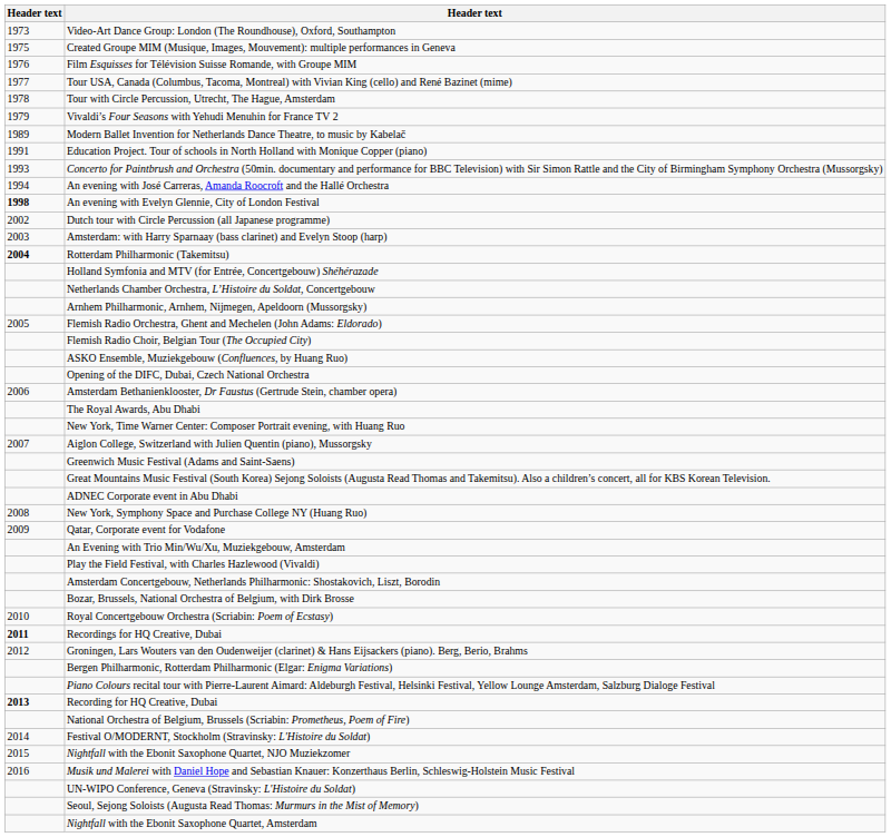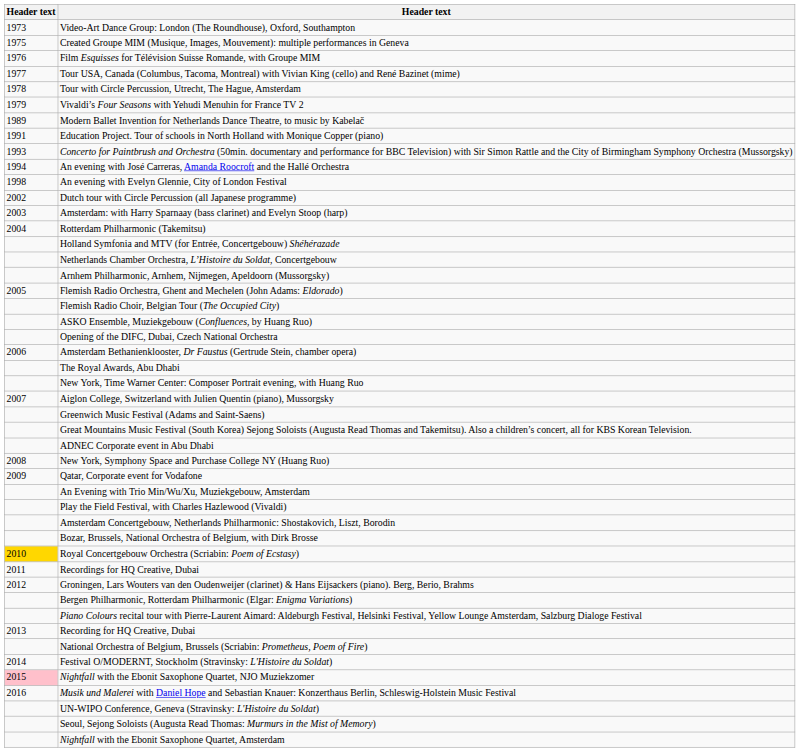 <table class="wikitable">
 <tr>
 <th>Header text</th>
 <th>Header text</th>
 </tr>
 <tr>
 <td>1973</td>
 <td>Video-Art Dance Group: London (The Roundhouse), Oxford, Southampton</td>
 </tr>
 <tr>
 <td>1975</td>
 <td>Created Groupe MIM (Musique, Images, Mouvement): multiple performances in Geneva</td>
 </tr>
 <tr>
 <td>1976</td>
 <td>Film <em>Esquisses</em> for Télévision Suisse Romande, with Groupe MIM</td>
 </tr>
 <tr>
 <td>1977</td>
 <td>Tour USA, Canada (Columbus, Tacoma, Montreal) with Vivian King (cello) and René Bazinet (mime)</td>
 </tr>
 <tr>
 <td>1978</td>
 <td>Tour with Circle Percussion, Utrecht, The Hague, Amsterdam</td>
 </tr>
 <tr>
 <td>1979</td>
 <td>Vivaldi’s <em>Four Seasons</em> with Yehudi Menuhin for France TV 2</td>
 </tr>
 <tr>
 <td>1989</td>
 <td>Modern Ballet Invention for Netherlands Dance Theatre, to music by Kabelač</td>
 </tr>
 <tr>
 <td>1991</td>
 <td>Education Project. Tour of schools in North Holland with Monique Copper (piano)</td>
 </tr>
 <tr>
 <td>1993</td>
 <td><em>Concerto for Paintbrush and Orchestra</em> (50min. documentary and performance for BBC Television) with Sir Simon Rattle and the City of Birmingham Symphony Orchestra (Mussorgsky)</td>
 </tr>
 <tr>
 <td>1994</td>
 <td>An evening with José Carreras, <a href='#'>Amanda Roocroft</a> and the Hallé Orchestra</td>
 </tr>
 <tr>
-<td><strong>1998</strong></td>
+<td>1998</td>
 <td>An evening with Evelyn Glennie, City of London Festival</td>
 </tr>
 <tr>
 <td>2002</td>
 <td>Dutch tour with Circle Percussion (all Japanese programme)</td>
 </tr>
 <tr>
 <td>2003</td>
 <td>Amsterdam: with Harry Sparnaay (bass clarinet) and Evelyn Stoop (harp)</td>
 </tr>
 <tr>
-<td><strong>2004</strong></td>
+<td>2004</td>
 <td>Rotterdam Philharmonic (Takemitsu)</td>
 </tr>
 <tr>
 <td></td>
 <td>Holland Symfonia and MTV (for Entrée, Concertgebouw) <em>Shéhérazade</em></td>
 </tr>
 <tr>
 <td></td>
 <td>Netherlands Chamber Orchestra, <em>L’Histoire du Soldat</em>, Concertgebouw</td>
 </tr>
 <tr>
 <td></td>
 <td>Arnhem Philharmonic, Arnhem, Nijmegen, Apeldoorn  (Mussorgsky)</td>
 </tr>
 <tr>
 <td>2005</td>
 <td>Flemish Radio Orchestra, Ghent and Mechelen (John Adams: <em>Eldorado</em>)</td>
 </tr>
 <tr>
 <td></td>
 <td>Flemish Radio Choir, Belgian Tour (<em>The Occupied City</em>)</td>
 </tr>
 <tr>
 <td></td>
 <td>ASKO Ensemble, Muziekgebouw (<em>Confluences</em>, by Huang Ruo)</td>
 </tr>
 <tr>
 <td></td>
 <td>Opening of the DIFC, Dubai, Czech National Orchestra</td>
 </tr>
 <tr>
 <td>2006</td>
 <td>Amsterdam Bethanienklooster, <em>Dr Faustus</em> (Gertrude Stein, chamber opera)</td>
 </tr>
 <tr>
 <td></td>
 <td>The Royal Awards, Abu Dhabi</td>
 </tr>
 <tr>
 <td></td>
 <td>New York, Time Warner Center: Composer Portrait evening, with Huang Ruo</td>
 </tr>
 <tr>
 <td>2007</td>
 <td>Aiglon College, Switzerland with Julien Quentin (piano), Mussorgsky</td>
 </tr>
 <tr>
 <td></td>
 <td>Greenwich Music Festival (Adams and Saint-Saens)</td>
 </tr>
 <tr>
 <td></td>
 <td>Great Mountains Music Festival (South Korea) Sejong Soloists (Augusta Read Thomas and Takemitsu).  Also a children’s concert, all for KBS Korean Television.</td>
 </tr>
 <tr>
 <td></td>
 <td>ADNEC Corporate event in Abu Dhabi</td>
 </tr>
 <tr>
 <td>2008</td>
 <td>New York, Symphony Space and Purchase College NY (Huang Ruo)</td>
 </tr>
 <tr>
 <td>2009</td>
 <td>Qatar, Corporate event for Vodafone</td>
 </tr>
 <tr>
 <td></td>
 <td>An Evening with Trio Min/Wu/Xu, Muziekgebouw, Amsterdam</td>
 </tr>
 <tr>
 <td></td>
 <td>Play the Field Festival, with Charles Hazlewood (Vivaldi)</td>
 </tr>
 <tr>
 <td></td>
 <td>Amsterdam Concertgebouw, Netherlands Philharmonic: Shostakovich, Liszt, Borodin</td>
 </tr>
 <tr>
 <td></td>
 <td>Bozar, Brussels, National Orchestra of Belgium, with Dirk Brosse</td>
 </tr>
 <tr>
-<td>2010</td>
+<td style="background: gold;">2010</td>
 <td>Royal Concertgebouw Orchestra (Scriabin: <em>Poem of Ecstasy</em>)</td>
 </tr>
 <tr>
-<td><strong>2011</strong></td>
+<td>2011</td>
 <td>Recordings for HQ Creative, Dubai</td>
 </tr>
 <tr>
 <td>2012</td>
 <td>Groningen, Lars Wouters van den Oudenweijer (clarinet) & Hans Eijsackers (piano). Berg, Berio, Brahms</td>
 </tr>
 <tr>
 <td></td>
 <td>Bergen Philharmonic, Rotterdam Philharmonic (Elgar: <em>Enigma Variations</em>)</td>
 </tr>
 <tr>
 <td></td>
 <td><em>Piano Colours</em> recital tour with Pierre-Laurent Aimard: Aldeburgh Festival, Helsinki Festival, Yellow Lounge Amsterdam, Salzburg Dialoge Festival</td>
 </tr>
 <tr>
-<td><strong>2013</strong></td>
+<td>2013</td>
 <td>Recording for HQ Creative, Dubai</td>
 </tr>
 <tr>
 <td></td>
 <td>National Orchestra of Belgium, Brussels (Scriabin: <em>Prometheus, Poem of Fire</em>)</td>
 </tr>
 <tr>
 <td>2014</td>
 <td>Festival O/MODERNT, Stockholm (Stravinsky: <em>L'Histoire du Soldat</em>)</td>
 </tr>
 <tr>
-<td>2015</td>
+<td style="background: pink;">2015</td>
 <td><em>Nightfall</em> with the Ebonit Saxophone Quartet, NJO Muziekzomer</td>
 </tr>
 <tr>
 <td>2016</td>
 <td><em>Musik und Malerei</em> with <a href='#'>Daniel Hope</a> and Sebastian Knauer: Konzerthaus Berlin, Schleswig-Holstein Music Festival</td>
 </tr>
 <tr>
 <td></td>
 <td>UN-WIPO Conference, Geneva (Stravinsky: <em>L'Histoire du Soldat</em>)</td>
 </tr>
 <tr>
 <td></td>
 <td>Seoul, Sejong Soloists (Augusta Read Thomas: <em>Murmurs in the Mist of Memory</em>)</td>
 </tr>
 <tr>
 <td></td>
 <td><em>Nightfall</em> with the Ebonit Saxophone Quartet, Amsterdam</td>
 </tr>
 </table>
